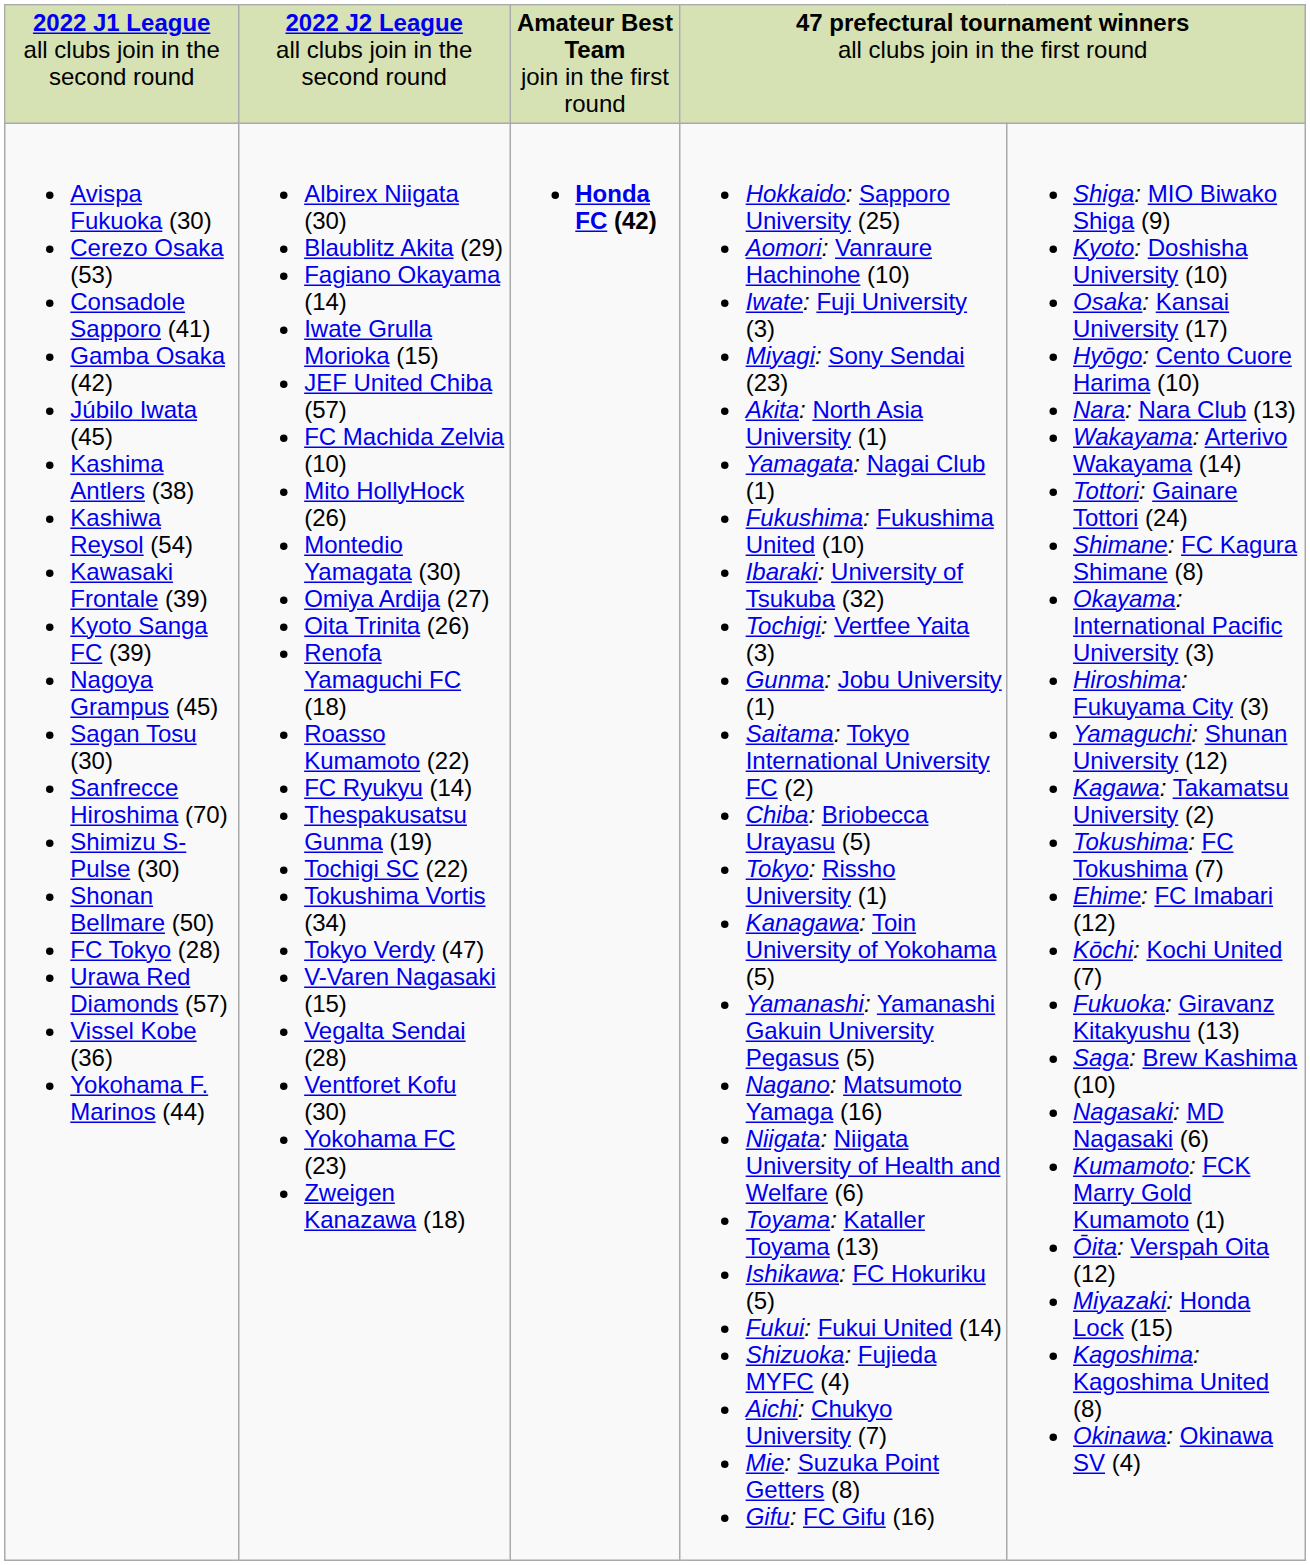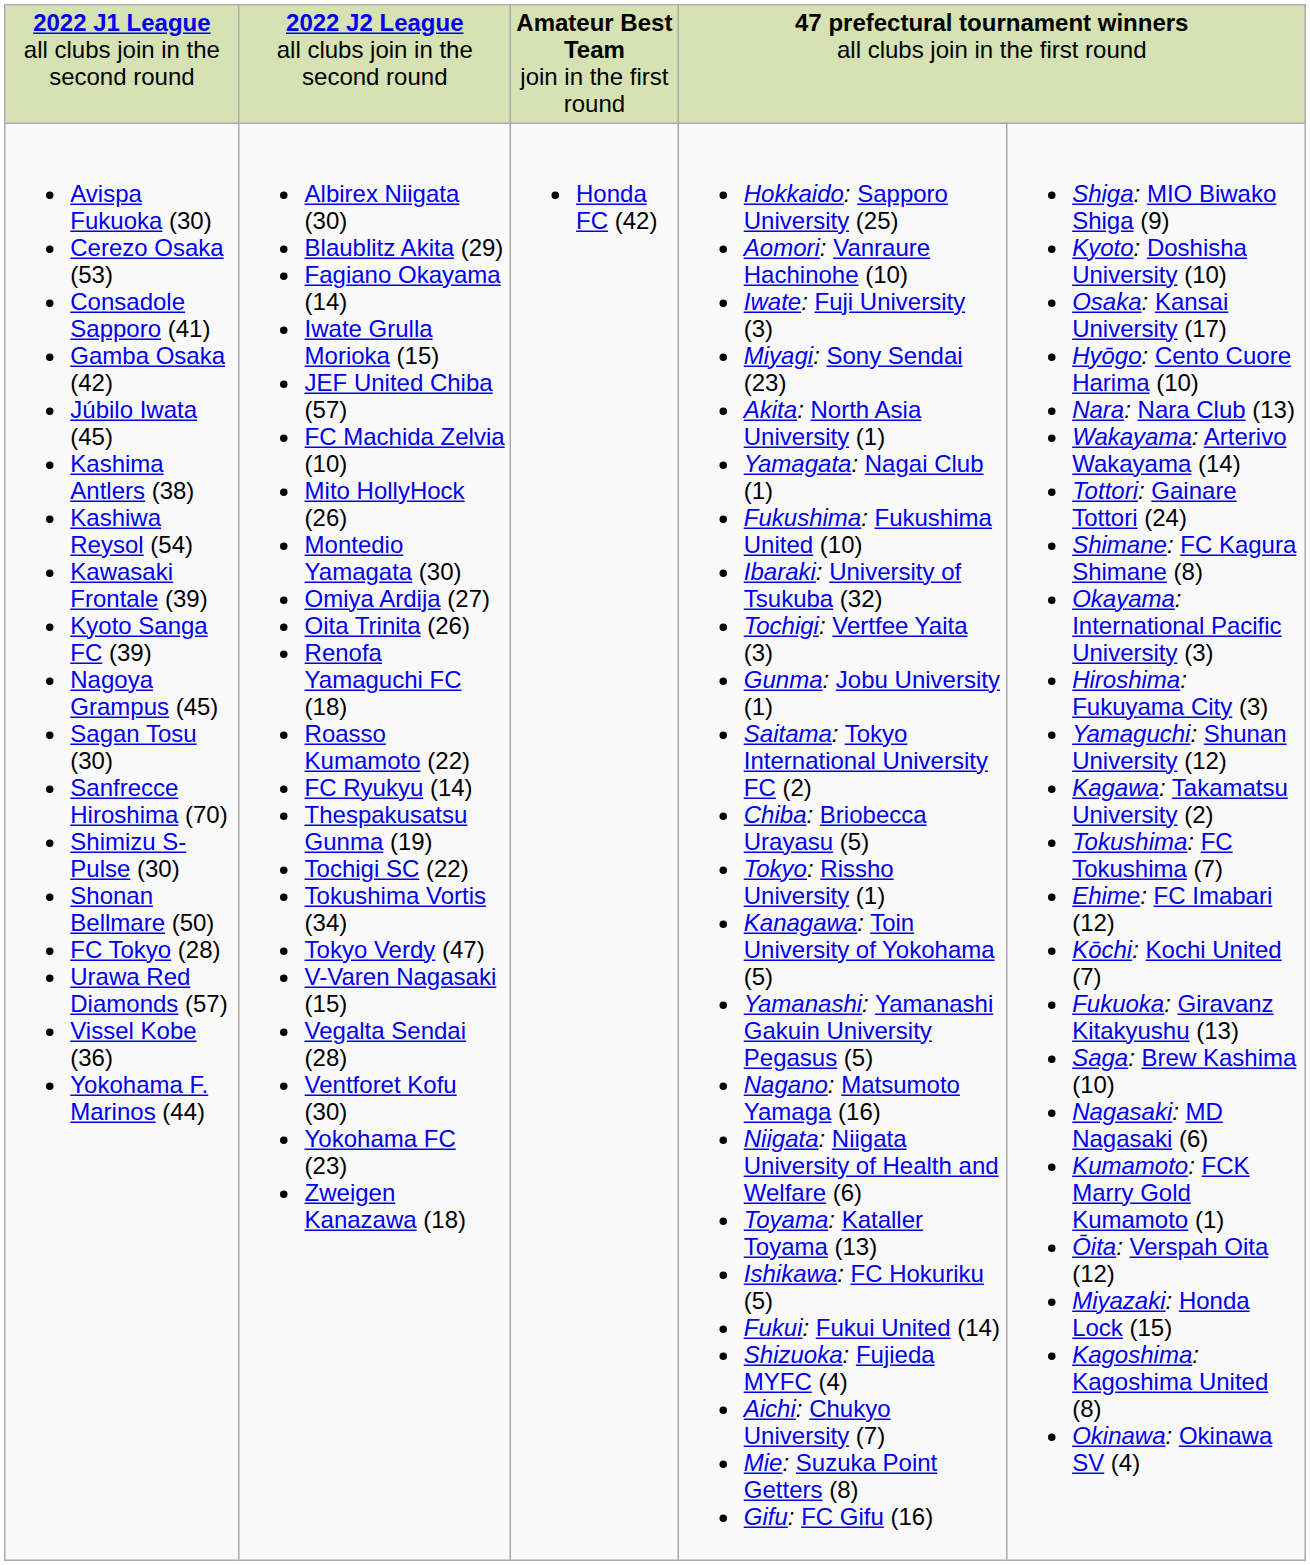 <table class="wikitable">
 <tr style="vertical-align:top; background:#d6e2b3; text-align:center;">
 <td><strong><a href='#'>2022 J1 League</a></strong><br>all clubs join in the second round</td>
 <td><strong><a href='#'>2022 J2 League</a></strong><br>all clubs join in the second round</td>
 <td><strong>Amateur Best Team</strong><br>join in the first round</td>
 <td colspan="2"><strong>47 prefectural tournament winners</strong><br>all clubs join in the first round</td>
 </tr>
 <tr valign="top">
 <td><br><ul><li><a href='#'>Avispa Fukuoka</a> (30)</li><li><a href='#'>Cerezo Osaka</a> (53)</li><li><a href='#'>Consadole Sapporo</a> (41)</li><li><a href='#'>Gamba Osaka</a> (42)</li><li><a href='#'>Júbilo Iwata</a> (45)</li><li><a href='#'>Kashima Antlers</a> (38)</li><li><a href='#'>Kashiwa Reysol</a> (54)</li><li><a href='#'>Kawasaki Frontale</a> (39)</li><li><a href='#'>Kyoto Sanga FC</a> (39)</li><li><a href='#'>Nagoya Grampus</a> (45)</li><li><a href='#'>Sagan Tosu</a> (30)</li><li><a href='#'>Sanfrecce Hiroshima</a> (70)</li><li><a href='#'>Shimizu S-Pulse</a> (30)</li><li><a href='#'>Shonan Bellmare</a> (50)</li><li><a href='#'>FC Tokyo</a> (28)</li><li><a href='#'>Urawa Red Diamonds</a> (57)</li><li><a href='#'>Vissel Kobe</a> (36)</li><li><a href='#'>Yokohama F. Marinos</a> (44)</li></ul></td>
 <td><br><ul><li><a href='#'>Albirex Niigata</a> (30)</li><li><a href='#'>Blaublitz Akita</a> (29)</li><li><a href='#'>Fagiano Okayama</a> (14)</li><li><a href='#'>Iwate Grulla Morioka</a> (15)</li><li><a href='#'>JEF United Chiba</a> (57)</li><li><a href='#'>FC Machida Zelvia</a> (10)</li><li><a href='#'>Mito HollyHock</a> (26)</li><li><a href='#'>Montedio Yamagata</a> (30)</li><li><a href='#'>Omiya Ardija</a> (27)</li><li><a href='#'>Oita Trinita</a> (26)</li><li><a href='#'>Renofa Yamaguchi FC</a> (18)</li><li><a href='#'>Roasso Kumamoto</a> (22)</li><li><a href='#'>FC Ryukyu</a> (14)</li><li><a href='#'>Thespakusatsu Gunma</a> (19)</li><li><a href='#'>Tochigi SC</a> (22)</li><li><a href='#'>Tokushima Vortis</a> (34)</li><li><a href='#'>Tokyo Verdy</a> (47)</li><li><a href='#'>V-Varen Nagasaki</a> (15)</li><li><a href='#'>Vegalta Sendai</a> (28)</li><li><a href='#'>Ventforet Kofu</a> (30)</li><li><a href='#'>Yokohama FC</a> (23)</li><li><a href='#'>Zweigen Kanazawa</a> (18)</li></ul></td>
-<td><strong><br><ul><li><a href='#'>Honda FC</a> (42)</li></ul></strong></td>
+<td><br><ul><li><a href='#'>Honda FC</a> (42)</li></ul></td>
 <td><br><ul><li><em><a href='#'>Hokkaido</a>:</em> <a href='#'>Sapporo University</a> (25)</li><li><em><a href='#'>Aomori</a>:</em> <a href='#'>Vanraure Hachinohe</a> (10)</li><li><em><a href='#'>Iwate</a>:</em> <a href='#'>Fuji University</a> (3)</li><li><em><a href='#'>Miyagi</a>:</em> <a href='#'>Sony Sendai</a> (23)</li><li><em><a href='#'>Akita</a>:</em> <a href='#'>North Asia University</a> (1)</li><li><em><a href='#'>Yamagata</a>:</em> <a href='#'>Nagai Club</a> (1)</li><li><em><a href='#'>Fukushima</a>:</em> <a href='#'>Fukushima United</a> (10)</li><li><em><a href='#'>Ibaraki</a>:</em> <a href='#'>University of Tsukuba</a> (32)</li><li><em><a href='#'>Tochigi</a>:</em> <a href='#'>Vertfee Yaita</a> (3)</li><li><em><a href='#'>Gunma</a>:</em> <a href='#'>Jobu University</a> (1)</li><li><em><a href='#'>Saitama</a>:</em> <a href='#'>Tokyo International University FC</a> (2)</li><li><em><a href='#'>Chiba</a>:</em> <a href='#'>Briobecca Urayasu</a> (5)</li><li><em><a href='#'>Tokyo</a>:</em> <a href='#'>Rissho University</a> (1)</li><li><em><a href='#'>Kanagawa</a>:</em> <a href='#'>Toin University of Yokohama</a> (5)</li><li><em><a href='#'>Yamanashi</a>:</em> <a href='#'>Yamanashi Gakuin University Pegasus</a> (5)</li><li><em><a href='#'>Nagano</a>:</em> <a href='#'>Matsumoto Yamaga</a> (16)</li><li><em><a href='#'>Niigata</a>:</em> <a href='#'>Niigata University of Health and Welfare</a> (6)</li><li><em><a href='#'>Toyama</a>:</em> <a href='#'>Kataller Toyama</a> (13)</li><li><em><a href='#'>Ishikawa</a>:</em> <a href='#'>FC Hokuriku</a> (5)</li><li><em><a href='#'>Fukui</a>:</em> <a href='#'>Fukui United</a> (14)</li><li><em><a href='#'>Shizuoka</a>:</em> <a href='#'>Fujieda MYFC</a> (4)</li><li><em><a href='#'>Aichi</a>:</em> <a href='#'>Chukyo University</a> (7)</li><li><em><a href='#'>Mie</a>:</em> <a href='#'>Suzuka Point Getters</a> (8)</li><li><em><a href='#'>Gifu</a>:</em> <a href='#'>FC Gifu</a> (16)</li></ul></td>
 <td><br><ul><li><em><a href='#'>Shiga</a>:</em> <a href='#'>MIO Biwako Shiga</a> (9)</li><li><em><a href='#'>Kyoto</a>:</em> <a href='#'>Doshisha University</a> (10)</li><li><em><a href='#'>Osaka</a>:</em> <a href='#'>Kansai University</a> (17)</li><li><em><a href='#'>Hyōgo</a>:</em> <a href='#'>Cento Cuore Harima</a> (10)</li><li><em><a href='#'>Nara</a>:</em> <a href='#'>Nara Club</a> (13)</li><li><em><a href='#'>Wakayama</a>:</em> <a href='#'>Arterivo Wakayama</a> (14)</li><li><em><a href='#'>Tottori</a>:</em> <a href='#'>Gainare Tottori</a> (24)</li><li><em><a href='#'>Shimane</a>:</em> <a href='#'>FC Kagura Shimane</a> (8)</li><li><em><a href='#'>Okayama</a>:</em> <a href='#'>International Pacific University</a> (3)</li><li><em><a href='#'>Hiroshima</a>:</em> <a href='#'>Fukuyama City</a> (3)</li><li><em><a href='#'>Yamaguchi</a>:</em> <a href='#'>Shunan University</a> (12)</li><li><em><a href='#'>Kagawa</a>:</em> <a href='#'>Takamatsu University</a> (2) </li><li><em><a href='#'>Tokushima</a>:</em> <a href='#'>FC Tokushima</a> (7)</li><li><em><a href='#'>Ehime</a>:</em> <a href='#'>FC Imabari</a> (12) </li><li><em><a href='#'>Kōchi</a>:</em> <a href='#'>Kochi United</a> (7)</li><li><em><a href='#'>Fukuoka</a>:</em> <a href='#'>Giravanz Kitakyushu</a> (13)</li><li><em><a href='#'>Saga</a>:</em> <a href='#'>Brew Kashima</a> (10)</li><li><em><a href='#'>Nagasaki</a>:</em> <a href='#'>MD Nagasaki</a> (6)</li><li><em><a href='#'>Kumamoto</a>:</em> <a href='#'>FCK Marry Gold Kumamoto</a> (1)</li><li><em><a href='#'>Ōita</a>:</em> <a href='#'>Verspah Oita</a> (12) </li><li><em><a href='#'>Miyazaki</a>:</em> <a href='#'>Honda Lock</a> (15)</li><li><em><a href='#'>Kagoshima</a>:</em> <a href='#'>Kagoshima United</a> (8)</li><li><em><a href='#'>Okinawa</a>:</em> <a href='#'>Okinawa SV</a> (4)</li></ul></td>
 </tr>
 </table>
